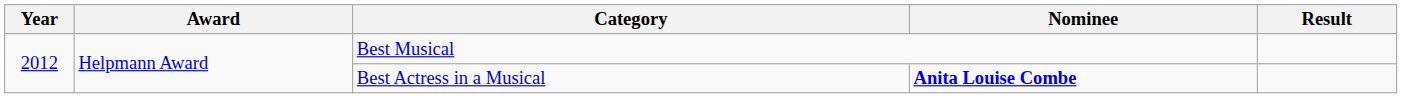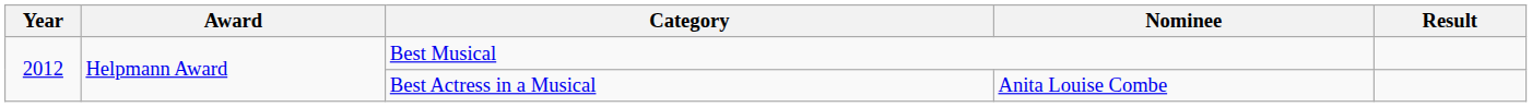 <table class="wikitable" width="95%">
 <tr>
 <th width="5%">Year</th>
 <th width="20%">Award</th>
 <th width="40%">Category</th>
 <th width="25%">Nominee</th>
 <th width="10%">Result</th>
 </tr>
 <tr>
 <td rowspan="2" align="center"><a href='#'>2012</a></td>
 <td rowspan="2"><a href='#'>Helpmann Award</a></td>
 <td colspan="2"><a href='#'>Best Musical</a></td>
 <td></td>
 </tr>
 <tr>
 <td><a href='#'>Best Actress in a Musical</a></td>
-<td><strong><a href='#'>Anita Louise Combe</a></strong></td>
+<td><a href='#'>Anita Louise Combe</a></td>
 <td></td>
 </tr>
 </table>
